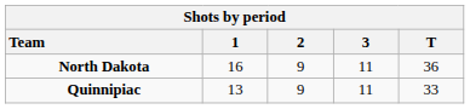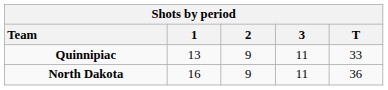 <table class="wikitable" style="width:30em; text-align:right;">
 <tr>
 <th colspan=5>Shots by period</th>
 </tr>
 <tr>
 <th style="width:10em; text-align:left;">Team</th>
 <th style="width:3em;">1</th>
 <th style="width:3em;">2</th>
 <th style="width:3em;">3</th>
 <th style="width:3em;">T</th>
 </tr>
 <tr>
+<td align=center><strong>Quinnipiac</strong></td>
+<td align=center>13</td>
+<td align=center>9</td>
+<td align=center>11</td>
+<td align=center>33</td>
+</tr>
+<tr>
 <td align=center><strong>North Dakota</strong></td>
 <td align=center>16</td>
 <td align=center>9</td>
 <td align=center>11</td>
 <td align=center>36</td>
 </tr>
-<tr>
-<td align=center><strong>Quinnipiac</strong></td>
-<td align=center>13</td>
-<td align=center>9</td>
-<td align=center>11</td>
-<td align=center>33</td>
-</tr>
 </table>
